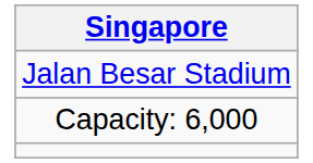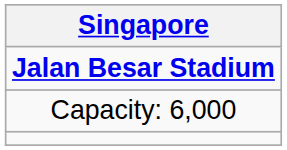 <table class="wikitable" style="margin:1em auto; text-align:center">
 <tr>
 <th colspan=2><a href='#'>Singapore</a></th>
 </tr>
 <tr>
-<td><a href='#'>Jalan Besar Stadium</a></td>
+<td><strong><a href='#'>Jalan Besar Stadium</a></strong></td>
 </tr>
 <tr>
 <td>Capacity: 6,000</td>
 </tr>
 <tr>
 <td></td>
 </tr>
 </table>
